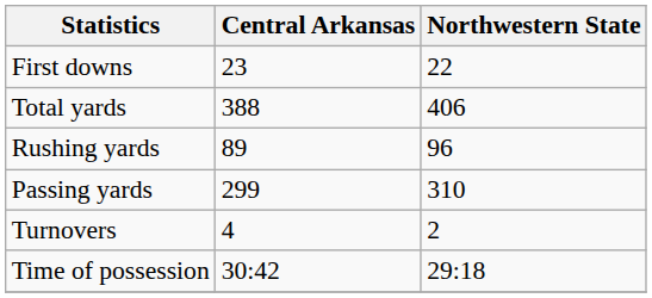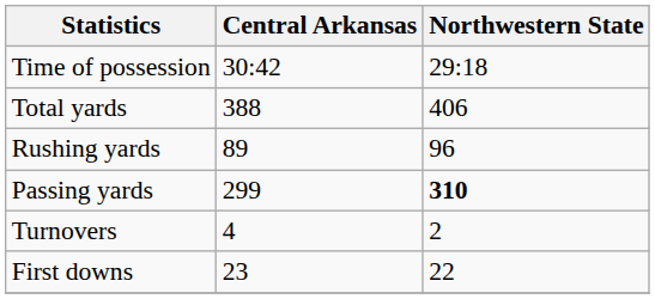 <table class="wikitable">
 <tr>
 <th>Statistics</th>
 <th>Central Arkansas</th>
 <th>Northwestern State</th>
 </tr>
 <tr>
-<td>First downs</td>
-<td>23</td>
-<td>22</td>
+<td>Time of possession</td>
+<td>30:42</td>
+<td>29:18</td>
 </tr>
 <tr>
 <td>Total yards</td>
 <td>388</td>
 <td>406</td>
 </tr>
 <tr>
 <td>Rushing yards</td>
 <td>89</td>
 <td>96</td>
 </tr>
 <tr>
 <td>Passing yards</td>
 <td>299</td>
-<td>310</td>
+<td><strong>310</strong></td>
 </tr>
 <tr>
 <td>Turnovers</td>
 <td>4</td>
 <td>2</td>
 </tr>
 <tr>
-<td>Time of possession</td>
-<td>30:42</td>
-<td>29:18</td>
+<td>First downs</td>
+<td>23</td>
+<td>22</td>
 </tr>
 <tr>
 </tr>
 </table>
